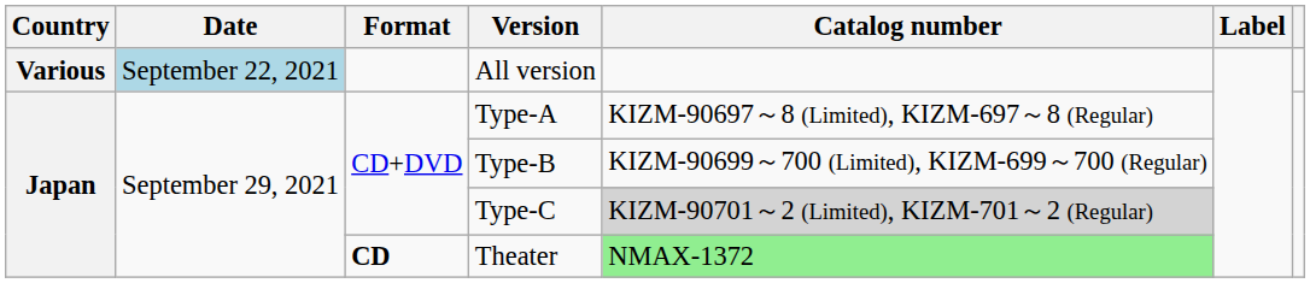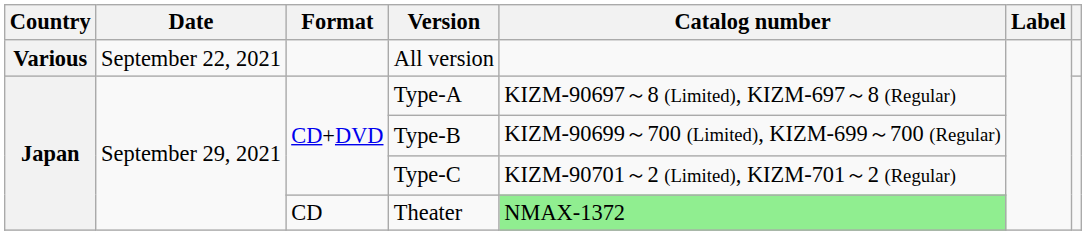 <table class="wikitable plainrowheaders">
 <tr>
 <th scope="col">Country</th>
 <th>Date</th>
 <th>Format</th>
 <th>Version</th>
 <th>Catalog number</th>
 <th>Label</th>
 <th></th>
 </tr>
 <tr>
 <th scope="row">Various</th>
-<td style="background: lightblue; text-align:center">September 22, 2021</td>
+<td style="text-align:center">September 22, 2021</td>
 <td></td>
 <td>All version</td>
 <td></td>
 <td rowspan=5><a href='#'></a></td>
 <td style="text-align:center"></td>
 </tr>
 <tr>
 <th scope="row" rowspan=4>Japan</th>
 <td rowspan=4>September 29, 2021</td>
 <td rowspan=3><a href='#'>CD</a>+<a href='#'>DVD</a></td>
 <td>Type-A</td>
 <td>KIZM-90697～8 <small>(Limited)</small>, KIZM-697～8 <small>(Regular)</small></td>
 <td rowspan=5 style="text-align:center"></td>
 </tr>
 <tr>
 <td>Type-B</td>
 <td>KIZM-90699～700 <small>(Limited)</small>, KIZM-699～700 <small>(Regular)</small></td>
 </tr>
 <tr>
 <td>Type-C</td>
-<td style="background: lightgrey;">KIZM-90701～2 <small>(Limited)</small>, KIZM-701～2 <small>(Regular)</small></td>
+<td>KIZM-90701～2 <small>(Limited)</small>, KIZM-701～2 <small>(Regular)</small></td>
 </tr>
 <tr>
-<td><strong>CD</strong></td>
+<td>CD</td>
 <td>Theater</td>
 <td style="background: lightgreen;">NMAX-1372</td>
 </tr>
 </table>
